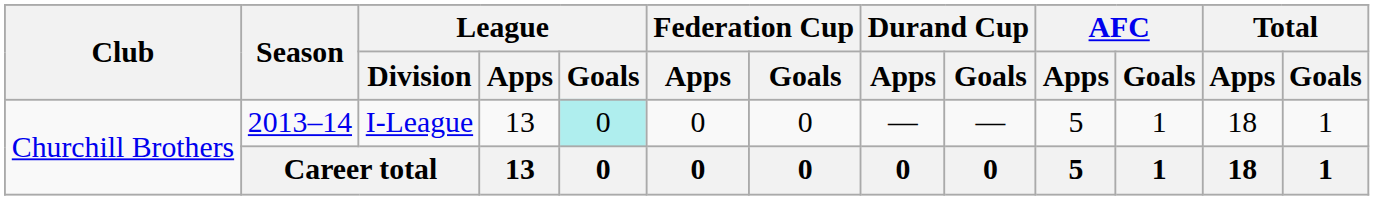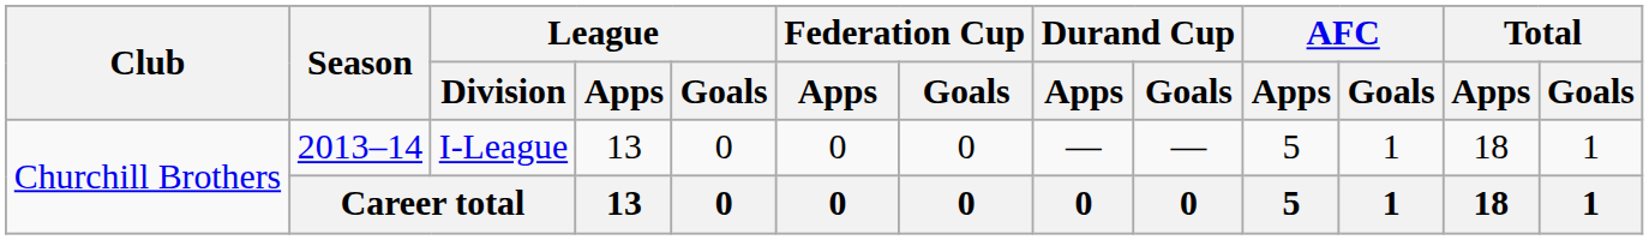 <table class="wikitable" style="text-align: center;">
 <tr>
 <th rowspan="2">Club</th>
 <th rowspan="2">Season</th>
 <th colspan="3">League</th>
 <th colspan="2">Federation Cup</th>
 <th colspan="2">Durand Cup</th>
 <th colspan="2"><a href='#'>AFC</a></th>
 <th colspan="2">Total</th>
 </tr>
 <tr>
 <th>Division</th>
 <th>Apps</th>
 <th>Goals</th>
 <th>Apps</th>
 <th>Goals</th>
 <th>Apps</th>
 <th>Goals</th>
 <th>Apps</th>
 <th>Goals</th>
 <th>Apps</th>
 <th>Goals</th>
 </tr>
 <tr>
 <td rowspan="2"><a href='#'>Churchill Brothers</a></td>
 <td><a href='#'>2013–14</a></td>
 <td><a href='#'>I-League</a></td>
 <td>13</td>
-<td style="background: paleturquoise;">0</td>
+<td>0</td>
 <td>0</td>
 <td>0</td>
 <td>—</td>
 <td>—</td>
 <td>5</td>
 <td>1</td>
 <td>18</td>
 <td>1</td>
 </tr>
 <tr>
 <th colspan="2">Career total</th>
 <th>13</th>
 <th>0</th>
 <th>0</th>
 <th>0</th>
 <th>0</th>
 <th>0</th>
 <th>5</th>
 <th>1</th>
 <th>18</th>
 <th>1</th>
 </tr>
 </table>
